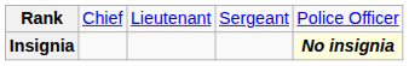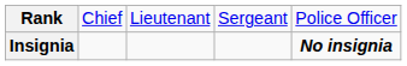 <table class="wikitable">
 <tr style="text-align:center;">
 <th>Rank</th>
 <td><a href='#'>Chief</a></td>
 <td><a href='#'>Lieutenant</a></td>
 <td><a href='#'>Sergeant</a></td>
 <td><a href='#'>Police Officer</a></td>
 </tr>
 <tr style="text-align:center;">
 <th>Insignia</th>
 <td></td>
 <td></td>
 <td></td>
-<td style="background: lightyellow;"><strong><em>No insignia</em></strong></td>
+<td><strong><em>No insignia</em></strong></td>
 </tr>
 </table>
